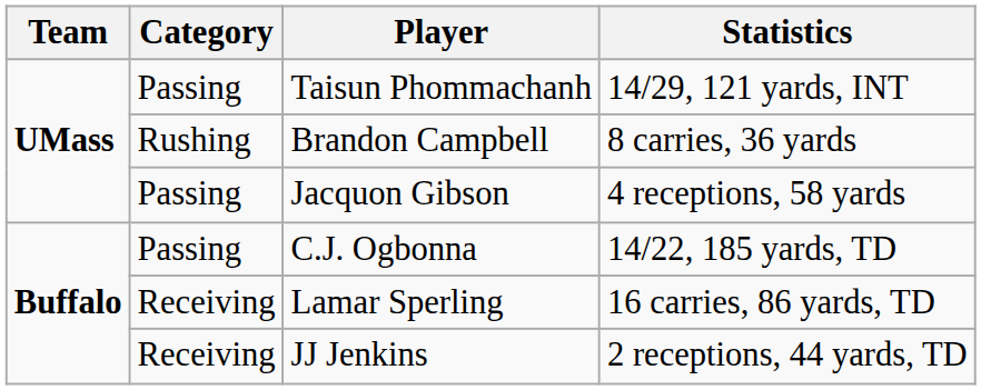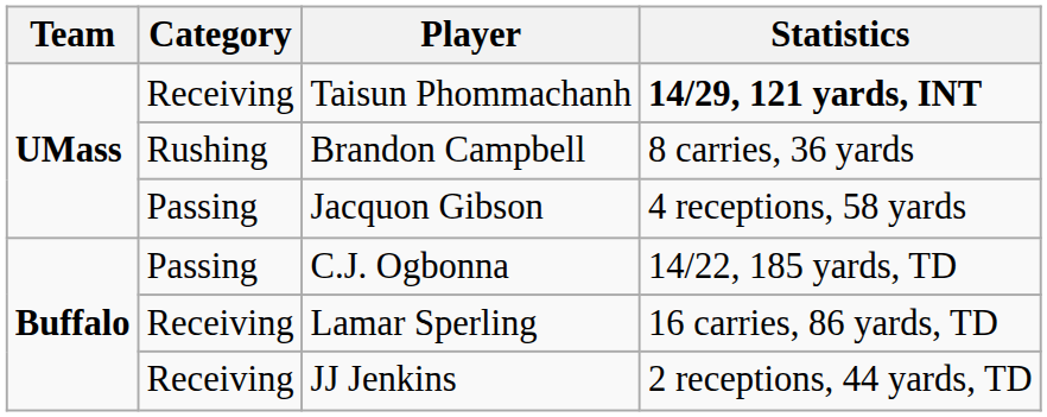 <table class="wikitable" style="float: right;">
 <tr>
 <th>Team</th>
 <th>Category</th>
 <th>Player</th>
 <th>Statistics</th>
 </tr>
 <tr>
 <td rowspan=3><strong>UMass</strong></td>
-<td>Passing</td>
+<td>Receiving</td>
 <td>Taisun Phommachanh</td>
-<td>14/29, 121 yards, INT</td>
+<td><strong>14/29, 121 yards, INT</strong></td>
 </tr>
 <tr>
 <td>Rushing</td>
 <td>Brandon Campbell</td>
 <td>8 carries, 36 yards</td>
 </tr>
 <tr>
 <td>Passing</td>
 <td>Jacquon Gibson</td>
 <td>4 receptions, 58 yards</td>
 </tr>
 <tr>
 <td rowspan=3><strong>Buffalo</strong></td>
 <td>Passing</td>
 <td>C.J. Ogbonna</td>
 <td>14/22, 185 yards, TD</td>
 </tr>
 <tr>
 <td>Receiving</td>
 <td>Lamar Sperling</td>
 <td>16 carries, 86 yards, TD</td>
 </tr>
 <tr>
 <td>Receiving</td>
 <td>JJ Jenkins</td>
 <td>2 receptions, 44 yards, TD</td>
 </tr>
 </table>
